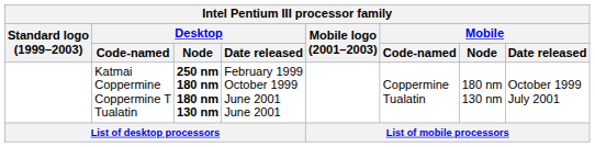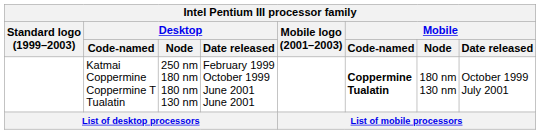 <table class="wikitable" align="center">
 <tr>
 <th colspan="8">Intel Pentium III processor family</th>
 </tr>
 <tr>
 <th rowspan="2">Standard logo<br>(1999–2003)</th>
 <th colspan="3"><a href='#'>Desktop</a></th>
 <th rowspan="2">Mobile logo<br>(2001–2003)</th>
 <th colspan="3"><a href='#'>Mobile</a></th>
 </tr>
 <tr>
 <th>Code-named</th>
 <th>Node</th>
 <th>Date released</th>
 <th>Code-named</th>
 <th>Node</th>
 <th>Date released</th>
 </tr>
 <tr style="background:white">
 <td align="center"></td>
 <td>Katmai<br>Coppermine<br>Coppermine T<br>Tualatin</td>
-<td><strong>250 nm<br>180 nm<br>180 nm<br>130 nm</strong></td>
+<td>250 nm<br>180 nm<br>180 nm<br>130 nm</td>
 <td>February 1999<br>October 1999<br>June 2001<br>June 2001</td>
 <td></td>
-<td>Coppermine<br>Tualatin</td>
+<td><strong>Coppermine<br>Tualatin</strong></td>
 <td>180 nm<br>130 nm</td>
 <td>October 1999<br>July 2001</td>
 </tr>
 <tr>
 <th colspan="4"><small><a href='#'>List of desktop processors</a></small></th>
 <th colspan="4"><small><a href='#'>List of mobile processors</a></small></th>
 </tr>
 </table>
